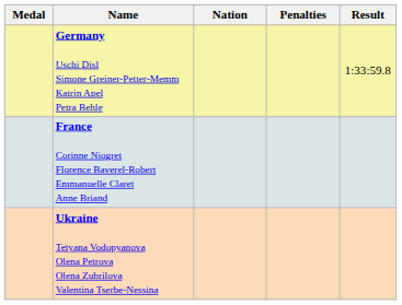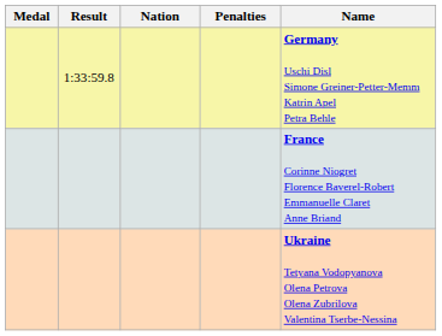 <table class=wikitable style="border:1px solid #AAAAAA;font-size:90%">
 <tr bgcolor="#E4E4E4">
 <th style="border-bottom:1px solid #AAAAAA" width=50>Medal</th>
-<th style="border-bottom:1px solid #AAAAAA" width=160>Name</th>
+<th style="border-bottom:1px solid #AAAAAA" width=60>Result</th>
 <th style="border-bottom:1px solid #AAAAAA" width=80>Nation</th>
 <th style="border-bottom:1px solid #AAAAAA" width=80>Penalties</th>
-<th style="border-bottom:1px solid #AAAAAA" width=60>Result</th>
+<th style="border-bottom:1px solid #AAAAAA" width=160>Name</th>
 </tr>
 <tr bgcolor="#F7F6A8">
 <td align="center"></td>
-<td><strong><a href='#'>Germany</a></strong><br><br><small><a href='#'>Uschi Disl</a><br><a href='#'>Simone Greiner-Petter-Memm</a><br><a href='#'>Katrin Apel</a><br><a href='#'>Petra Behle</a></small></td>
+<td align="center">1:33:59.8</td>
 <td></td>
 <td align="center"></td>
-<td align="center">1:33:59.8</td>
+<td><strong><a href='#'>Germany</a></strong><br><br><small><a href='#'>Uschi Disl</a><br><a href='#'>Simone Greiner-Petter-Memm</a><br><a href='#'>Katrin Apel</a><br><a href='#'>Petra Behle</a></small></td>
 </tr>
 <tr bgcolor="#DCE5E5">
 <td align="center"></td>
-<td><strong><a href='#'>France</a></strong><br><br><small><a href='#'>Corinne Niogret</a><br><a href='#'>Florence Baverel-Robert</a><br><a href='#'>Emmanuelle Claret</a><br><a href='#'>Anne Briand</a></small></td>
+<td align="right"></td>
 <td></td>
 <td align="center"></td>
-<td align="right"></td>
+<td><strong><a href='#'>France</a></strong><br><br><small><a href='#'>Corinne Niogret</a><br><a href='#'>Florence Baverel-Robert</a><br><a href='#'>Emmanuelle Claret</a><br><a href='#'>Anne Briand</a></small></td>
 </tr>
 <tr bgcolor="#FFDAB9">
 <td align="center"></td>
-<td><strong><a href='#'>Ukraine</a></strong><br><br><small><a href='#'>Tetyana Vodopyanova</a><br><a href='#'>Olena Petrova</a><br><a href='#'>Olena Zubrilova</a><br><a href='#'>Valentina Tserbe-Nessina</a></small></td>
+<td align="right"></td>
 <td></td>
 <td align="center"></td>
-<td align="right"></td>
+<td><strong><a href='#'>Ukraine</a></strong><br><br><small><a href='#'>Tetyana Vodopyanova</a><br><a href='#'>Olena Petrova</a><br><a href='#'>Olena Zubrilova</a><br><a href='#'>Valentina Tserbe-Nessina</a></small></td>
 </tr>
 </table>
